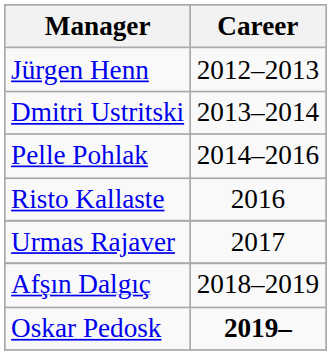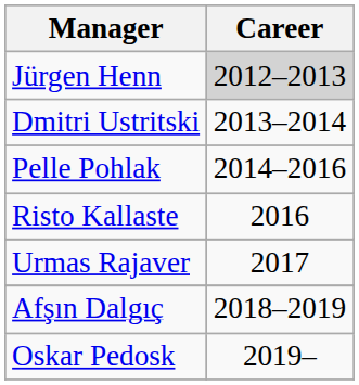 <table class="wikitable" style="text-align:center">
 <tr>
 <th>Manager</th>
 <th>Career</th>
 </tr>
 <tr>
 <td align=left> <a href='#'>Jürgen Henn</a></td>
-<td>2012–2013</td>
+<td style="background: lightgrey;">2012–2013</td>
 </tr>
 <tr>
 <td align=left> <a href='#'>Dmitri Ustritski</a></td>
 <td>2013–2014</td>
 </tr>
 <tr>
 <td align=left> <a href='#'>Pelle Pohlak</a></td>
 <td>2014–2016</td>
 </tr>
 <tr>
 <td align=left> <a href='#'>Risto Kallaste</a></td>
 <td>2016</td>
 </tr>
 <tr>
 </tr>
 <tr>
 <td align=left> <a href='#'>Urmas Rajaver</a></td>
 <td>2017</td>
 </tr>
 <tr>
 </tr>
 <tr>
 <td align=left> <a href='#'>Afşın Dalgıç</a></td>
 <td>2018–2019</td>
 </tr>
 <tr>
 <td align=left> <a href='#'>Oskar Pedosk</a></td>
-<td><strong>2019–</strong></td>
+<td>2019–</td>
 </tr>
 </table>
